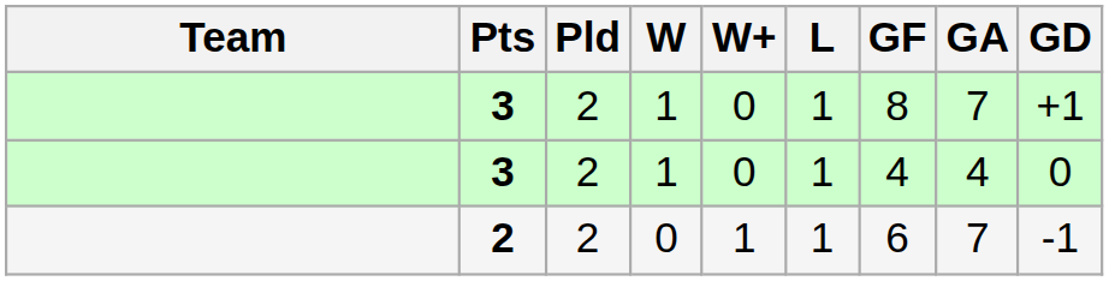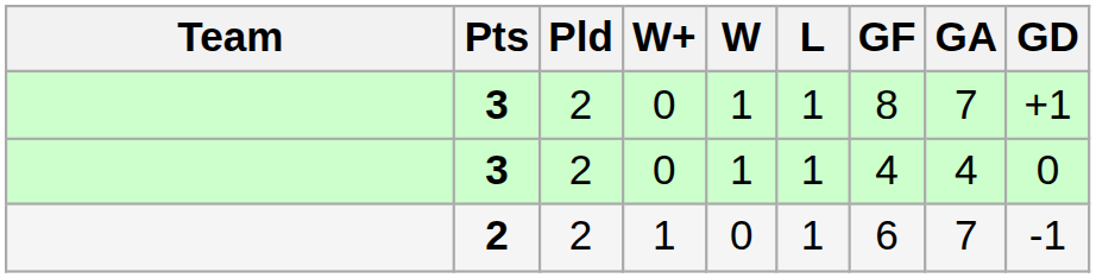 <table class="wikitable" style="text-align:center;">
 <tr>
 <th width=165>Team</th>
 <th width=20>Pts</th>
 <th width=20>Pld</th>
+<th width=20>W+</th>
 <th width=20>W</th>
-<th width=20>W+</th>
 <th width=20>L</th>
 <th width=20>GF</th>
 <th width=20>GA</th>
 <th width=20>GD</th>
 </tr>
 <tr align=center style="background:#ccffcc;">
 <td style="text-align:left;"></td>
 <td><strong>3</strong></td>
 <td>2</td>
+<td>0</td>
 <td>1</td>
-<td>0</td>
 <td>1</td>
 <td>8</td>
 <td>7</td>
 <td>+1</td>
 </tr>
 <tr align=center style="background:#ccffcc;">
 <td style="text-align:left;"></td>
 <td><strong>3</strong></td>
 <td>2</td>
+<td>0</td>
 <td>1</td>
-<td>0</td>
 <td>1</td>
 <td>4</td>
 <td>4</td>
 <td>0</td>
 </tr>
 <tr align=center style="background:#f5f5f5;">
 <td style="text-align:left;"></td>
 <td><strong>2</strong></td>
 <td>2</td>
+<td>1</td>
 <td>0</td>
-<td>1</td>
 <td>1</td>
 <td>6</td>
 <td>7</td>
 <td>-1</td>
 </tr>
 </table>
